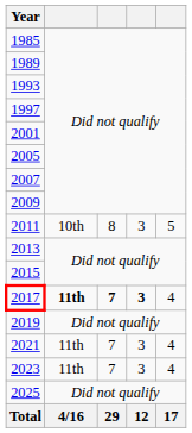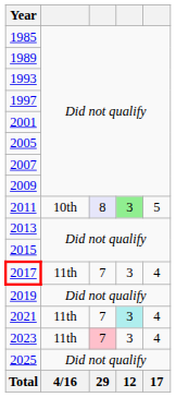 <table class="wikitable" style="text-align: center;">
 <tr>
 <th>Year</th>
 <th width="50"></th>
 <th width=25></th>
 <th width=25></th>
 <th width=25></th>
 </tr>
 <tr>
 <td> <a href='#'>1985</a></td>
 <td colspan=4 rowspan=8><em>Did not qualify</em></td>
 </tr>
 <tr>
 <td> <a href='#'>1989</a></td>
 </tr>
 <tr>
 <td> <a href='#'>1993</a></td>
 </tr>
 <tr>
 <td> <a href='#'>1997</a></td>
 </tr>
 <tr>
 <td> <a href='#'>2001</a></td>
 </tr>
 <tr>
 <td> <a href='#'>2005</a></td>
 </tr>
 <tr>
 <td> <a href='#'>2007</a></td>
 </tr>
 <tr>
 <td> <a href='#'>2009</a></td>
 </tr>
 <tr>
 <td> <a href='#'>2011</a></td>
 <td>10th</td>
-<td>8</td>
-<td>3</td>
+<td style="background: lavender;">8</td>
+<td style="background: lightgreen;">3</td>
 <td>5</td>
 </tr>
 <tr>
 <td> <a href='#'>2013</a></td>
 <td colspan=4 rowspan=2><em>Did not qualify</em></td>
 </tr>
 <tr>
 <td> <a href='#'>2015</a></td>
 </tr>
 <tr>
 <td style="border: 3px solid red"> <a href='#'>2017</a></td>
-<td><strong>11th</strong></td>
-<td><strong>7</strong></td>
-<td><strong>3</strong></td>
+<td>11th</td>
+<td>7</td>
+<td>3</td>
 <td>4</td>
 </tr>
 <tr>
 <td> <a href='#'>2019</a></td>
 <td colspan=4><em>Did not qualify</em></td>
 </tr>
 <tr>
 <td> <a href='#'>2021</a></td>
 <td>11th</td>
 <td>7</td>
-<td>3</td>
+<td style="background: paleturquoise;">3</td>
 <td>4</td>
 </tr>
 <tr>
 <td> <a href='#'>2023</a></td>
 <td>11th</td>
-<td>7</td>
+<td style="background: pink;">7</td>
 <td>3</td>
 <td>4</td>
 </tr>
 <tr>
 <td> <a href='#'>2025</a></td>
 <td colspan=4><em>Did not qualify</em></td>
 </tr>
 <tr>
 <th>Total</th>
 <th>4/16</th>
 <th>29</th>
 <th>12</th>
 <th>17</th>
 </tr>
 </table>
